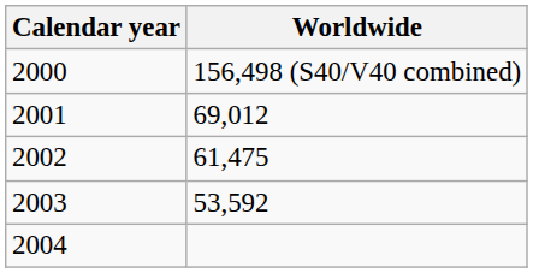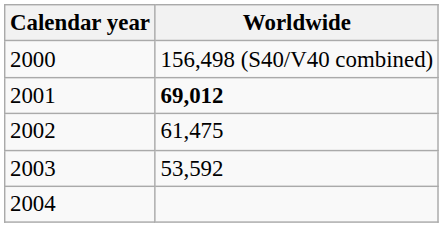 <table class="wikitable">
 <tr>
 <th>Calendar year</th>
 <th>Worldwide</th>
 </tr>
 <tr>
 <td>2000</td>
 <td>156,498 (S40/V40 combined)</td>
 </tr>
 <tr>
 <td>2001</td>
-<td>69,012</td>
+<td><strong>69,012</strong></td>
 </tr>
 <tr>
 <td>2002</td>
 <td>61,475</td>
 </tr>
 <tr>
 <td>2003</td>
 <td>53,592</td>
 </tr>
 <tr>
 <td>2004</td>
 <td></td>
 </tr>
 </table>
